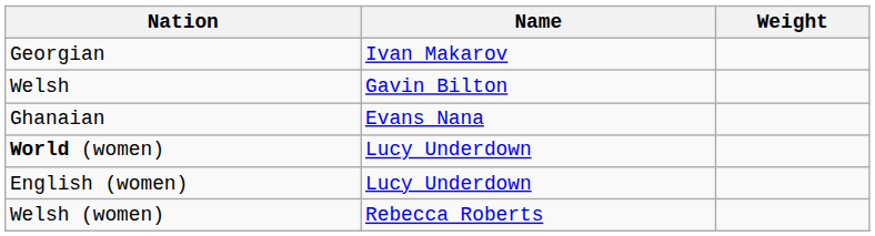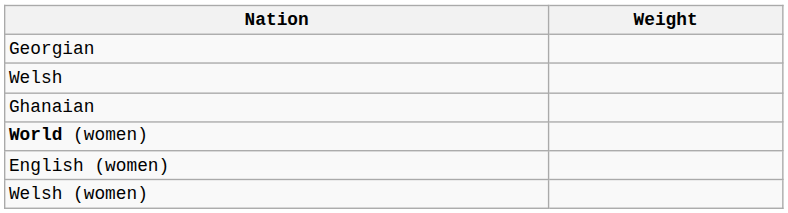 <table class="wikitable" style="display: inline-table;width: 45%;">
 <tr>
 <th>Nation</th>
-<th>Name</th>
 <th>Weight</th>
 </tr>
 <tr>
 <td> Georgian</td>
-<td><a href='#'>Ivan Makarov</a></td>
 <td></td>
 </tr>
 <tr>
 <td> Welsh</td>
-<td><a href='#'>Gavin Bilton</a></td>
 <td></td>
 </tr>
 <tr>
 <td> Ghanaian</td>
-<td><a href='#'>Evans Nana</a></td>
 <td></td>
 </tr>
 <tr>
 <td><strong>World</strong> (women)</td>
-<td><a href='#'>Lucy Underdown</a></td>
 <td></td>
 </tr>
 <tr>
 <td> English (women)</td>
-<td><a href='#'>Lucy Underdown</a></td>
 <td></td>
 </tr>
 <tr>
 <td> Welsh (women)</td>
-<td><a href='#'>Rebecca Roberts</a></td>
 <td></td>
 </tr>
 </table>
